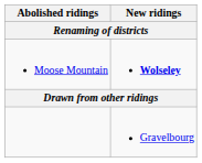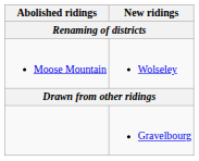 <table class="wikitable">
 <tr>
 <th>Abolished ridings</th>
 <th>New ridings</th>
 </tr>
 <tr>
 <th colspan="2"><em>Renaming of districts</em></th>
 </tr>
 <tr>
 <td><br><ul><li><a href='#'>Moose Mountain</a></li></ul></td>
-<td><strong><br><ul><li><a href='#'>Wolseley</a></li></ul></strong></td>
+<td><br><ul><li><a href='#'>Wolseley</a></li></ul></td>
 </tr>
 <tr>
 <th colspan="2"><em>Drawn from other ridings</em></th>
 </tr>
 <tr>
 <td></td>
 <td><br><ul><li><a href='#'>Gravelbourg</a></li></ul></td>
 </tr>
 </table>
